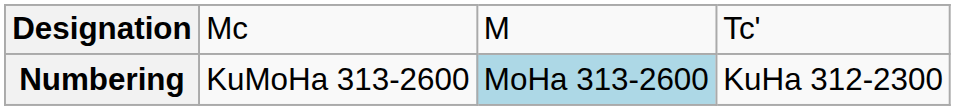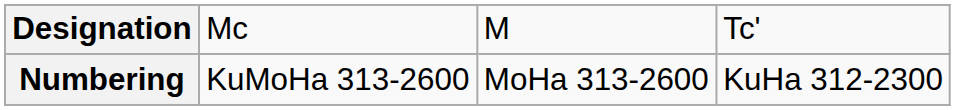 <table class="wikitable">
 <tr>
 <th>Designation</th>
 <td>Mc</td>
 <td>M</td>
 <td>Tc'</td>
 </tr>
 <tr>
 <th>Numbering</th>
 <td>KuMoHa 313-2600</td>
-<td style="background: lightblue;">MoHa 313-2600</td>
+<td>MoHa 313-2600</td>
 <td>KuHa 312-2300</td>
 </tr>
 </table>
